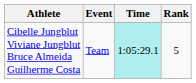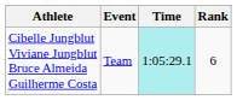 <table class=wikitable style="font-size:90%;">
 <tr>
 <th>Athlete</th>
 <th>Event</th>
 <th>Time</th>
 <th>Rank</th>
 </tr>
 <tr align=center>
 <td align=left><a href='#'>Cibelle Jungblut</a><br><a href='#'>Viviane Jungblut</a><br><a href='#'>Bruce Almeida</a><br><a href='#'>Guilherme Costa</a></td>
 <td align=left><a href='#'>Team</a></td>
 <td style="background: paleturquoise;">1:05:29.1</td>
-<td>5</td>
+<td>6</td>
 </tr>
 </table>
